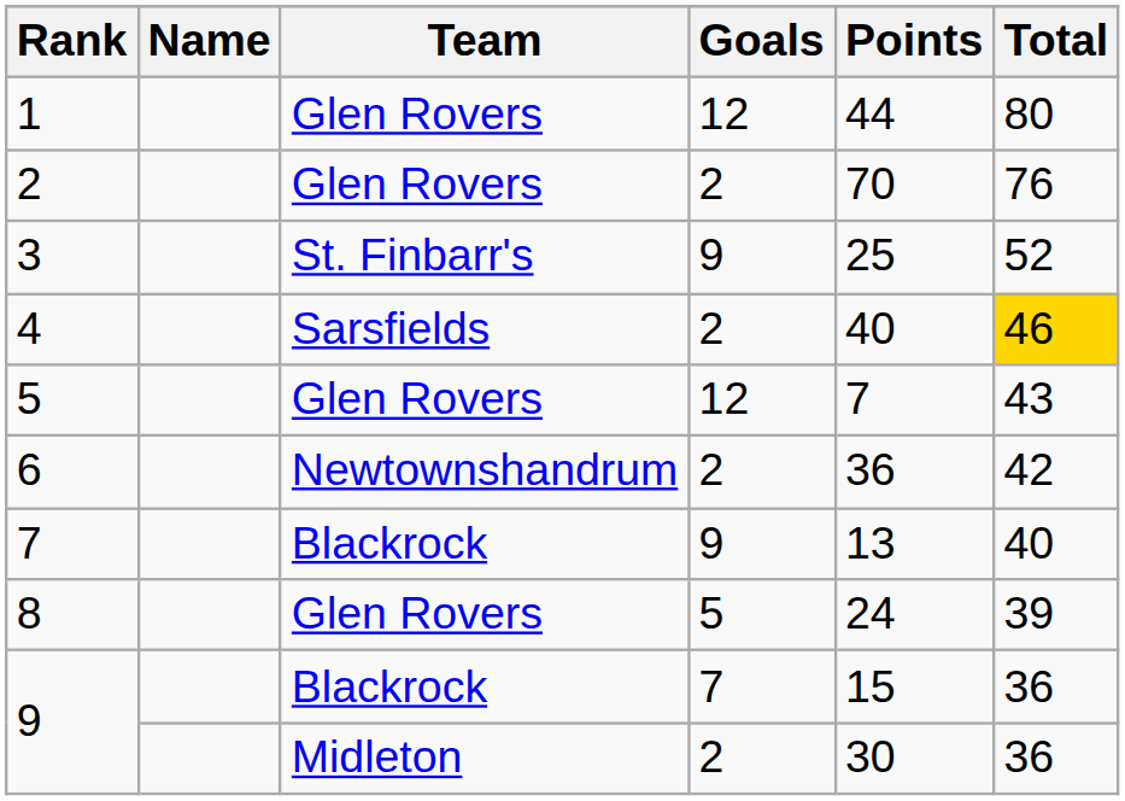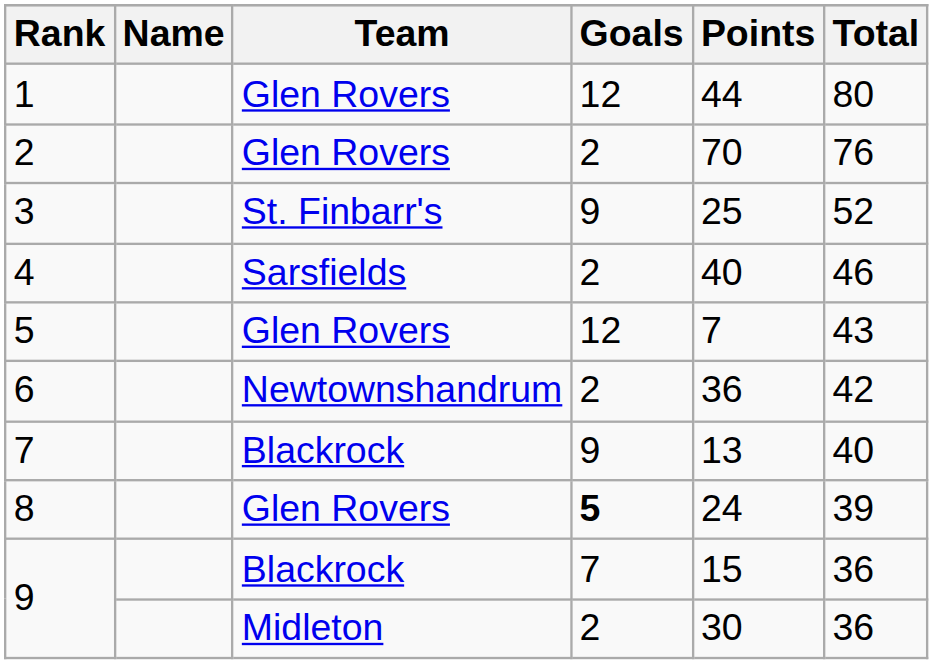 <table class="wikitable sortable">
 <tr>
 </tr>
 <tr>
 <th>Rank</th>
 <th>Name</th>
 <th>Team</th>
 <th>Goals</th>
 <th>Points</th>
 <th>Total</th>
 </tr>
 <tr>
 <td>1</td>
 <td></td>
 <td><a href='#'>Glen Rovers</a></td>
 <td>12</td>
 <td>44</td>
 <td>80</td>
 </tr>
 <tr>
 <td>2</td>
 <td></td>
 <td><a href='#'>Glen Rovers</a></td>
 <td>2</td>
 <td>70</td>
 <td>76</td>
 </tr>
 <tr>
 <td>3</td>
 <td></td>
 <td><a href='#'>St. Finbarr's</a></td>
 <td>9</td>
 <td>25</td>
 <td>52</td>
 </tr>
 <tr>
 <td>4</td>
 <td></td>
 <td><a href='#'>Sarsfields</a></td>
 <td>2</td>
 <td>40</td>
-<td style="background: gold;">46</td>
+<td>46</td>
 </tr>
 <tr>
 <td>5</td>
 <td></td>
 <td><a href='#'>Glen Rovers</a></td>
 <td>12</td>
 <td>7</td>
 <td>43</td>
 </tr>
 <tr>
 <td>6</td>
 <td></td>
 <td><a href='#'>Newtownshandrum</a></td>
 <td>2</td>
 <td>36</td>
 <td>42</td>
 </tr>
 <tr>
 <td>7</td>
 <td></td>
 <td><a href='#'>Blackrock</a></td>
 <td>9</td>
 <td>13</td>
 <td>40</td>
 </tr>
 <tr>
 <td>8</td>
 <td></td>
 <td><a href='#'>Glen Rovers</a></td>
-<td>5</td>
+<td><strong>5</strong></td>
 <td>24</td>
 <td>39</td>
 </tr>
 <tr>
 <td rowspan=2>9</td>
 <td></td>
 <td><a href='#'>Blackrock</a></td>
 <td>7</td>
 <td>15</td>
 <td>36</td>
 </tr>
 <tr>
 <td></td>
 <td><a href='#'>Midleton</a></td>
 <td>2</td>
 <td>30</td>
 <td>36</td>
 </tr>
 </table>
